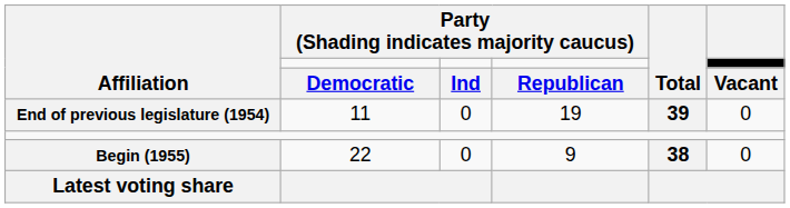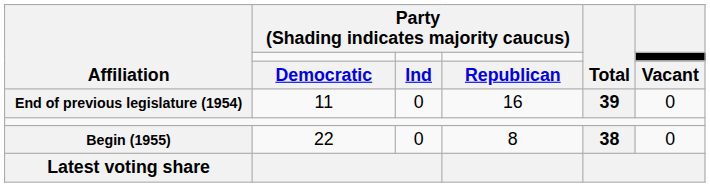 <table class=wikitable style="text-align:center; width:50%">
 <tr style="vertical-align:bottom;">
 <th rowspan=3>Affiliation</th>
 <th colspan=3>Party <div>(Shading indicates majority caucus)</div></th>
 <th rowspan=3>Total</th>
 <th></th>
 </tr>
 <tr style="height:5px">
 <td style="background-color:"></td>
 <td style="background-color:"></td>
 <td style="background-color:"></td>
 <td style="background-color:black"></td>
 </tr>
 <tr>
 <th><a href='#'>Democratic</a></th>
 <th><a href='#'>Ind</a></th>
 <th><a href='#'>Republican</a></th>
 <th>Vacant</th>
 </tr>
 <tr>
 <th nowrap style="font-size:80%">End of previous legislature (1954)</th>
 <td>11</td>
 <td>0</td>
-<td>19</td>
+<td>16</td>
 <th>39</th>
 <td>0</td>
 </tr>
 <tr>
 <td colspan=6></td>
 </tr>
 <tr>
 <th nowrap style="font-size:80%">Begin (1955)</th>
 <td>22</td>
 <td>0</td>
-<td>9</td>
+<td>8</td>
 <th>38</th>
 <td>0</td>
 </tr>
 <tr>
 <th>Latest voting share</th>
 <th colspan=2 ></th>
 <th></th>
 <th colspan=2></th>
 </tr>
 </table>
